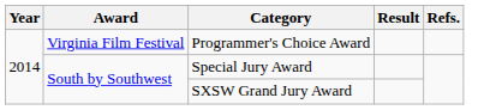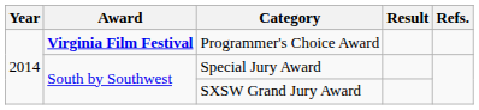 <table class="wikitable">
 <tr>
 <th>Year</th>
 <th>Award</th>
 <th>Category</th>
 <th>Result</th>
 <th>Refs.</th>
 </tr>
 <tr>
 <td rowspan="3">2014</td>
-<td><a href='#'>Virginia Film Festival</a></td>
+<td><strong><a href='#'>Virginia Film Festival</a></strong></td>
 <td>Programmer's Choice Award</td>
 <td></td>
 <td></td>
 </tr>
 <tr>
 <td rowspan="2"><a href='#'>South by Southwest</a></td>
 <td rowspan="1">Special Jury Award</td>
 <td></td>
 <td rowspan="2"></td>
 </tr>
 <tr>
 <td>SXSW Grand Jury Award</td>
 <td></td>
 </tr>
 </table>
